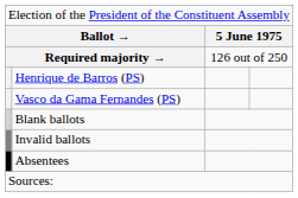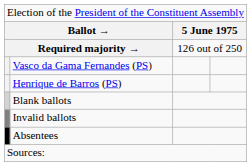 <table class="wikitable" style="text-align:center;">
 <tr>
 <td colspan="4" align="center">Election of the <a href='#'>President of the Constituent Assembly</a></td>
 </tr>
 <tr>
 <th colspan="2" width="225px">Ballot →</th>
 <th colspan="2">5 June 1975</th>
 </tr>
 <tr>
 <th colspan="2">Required majority →</th>
 <td colspan="2">126 out of 250</td>
 </tr>
 <tr>
 <th width="1px" style="background:"></th>
-<td align="left"><a href='#'>Henrique de Barros</a> (<a href='#'>PS</a>)</td>
+<td align="left"><a href='#'>Vasco da Gama Fernandes</a> (<a href='#'>PS</a>)</td>
 <td></td>
 <td></td>
 </tr>
 <tr>
 <th width="1px" style="background:"></th>
-<td align="left"><a href='#'>Vasco da Gama Fernandes</a> (<a href='#'>PS</a>)</td>
+<td align="left"><a href='#'>Henrique de Barros</a> (<a href='#'>PS</a>)</td>
 <td></td>
 <td></td>
 </tr>
 <tr>
 <th style="background:lightgray;"></th>
 <td align="left">Blank ballots</td>
 <td colspan="2"></td>
 </tr>
 <tr>
 <th style="background:gray;"></th>
 <td align="left">Invalid ballots</td>
 <td colspan="2"></td>
 </tr>
 <tr>
 <th style="background:black;"></th>
 <td align="left">Absentees</td>
 <td colspan="2"></td>
 </tr>
 <tr>
 <td align="left" colspan="4">Sources:</td>
 </tr>
 </table>
